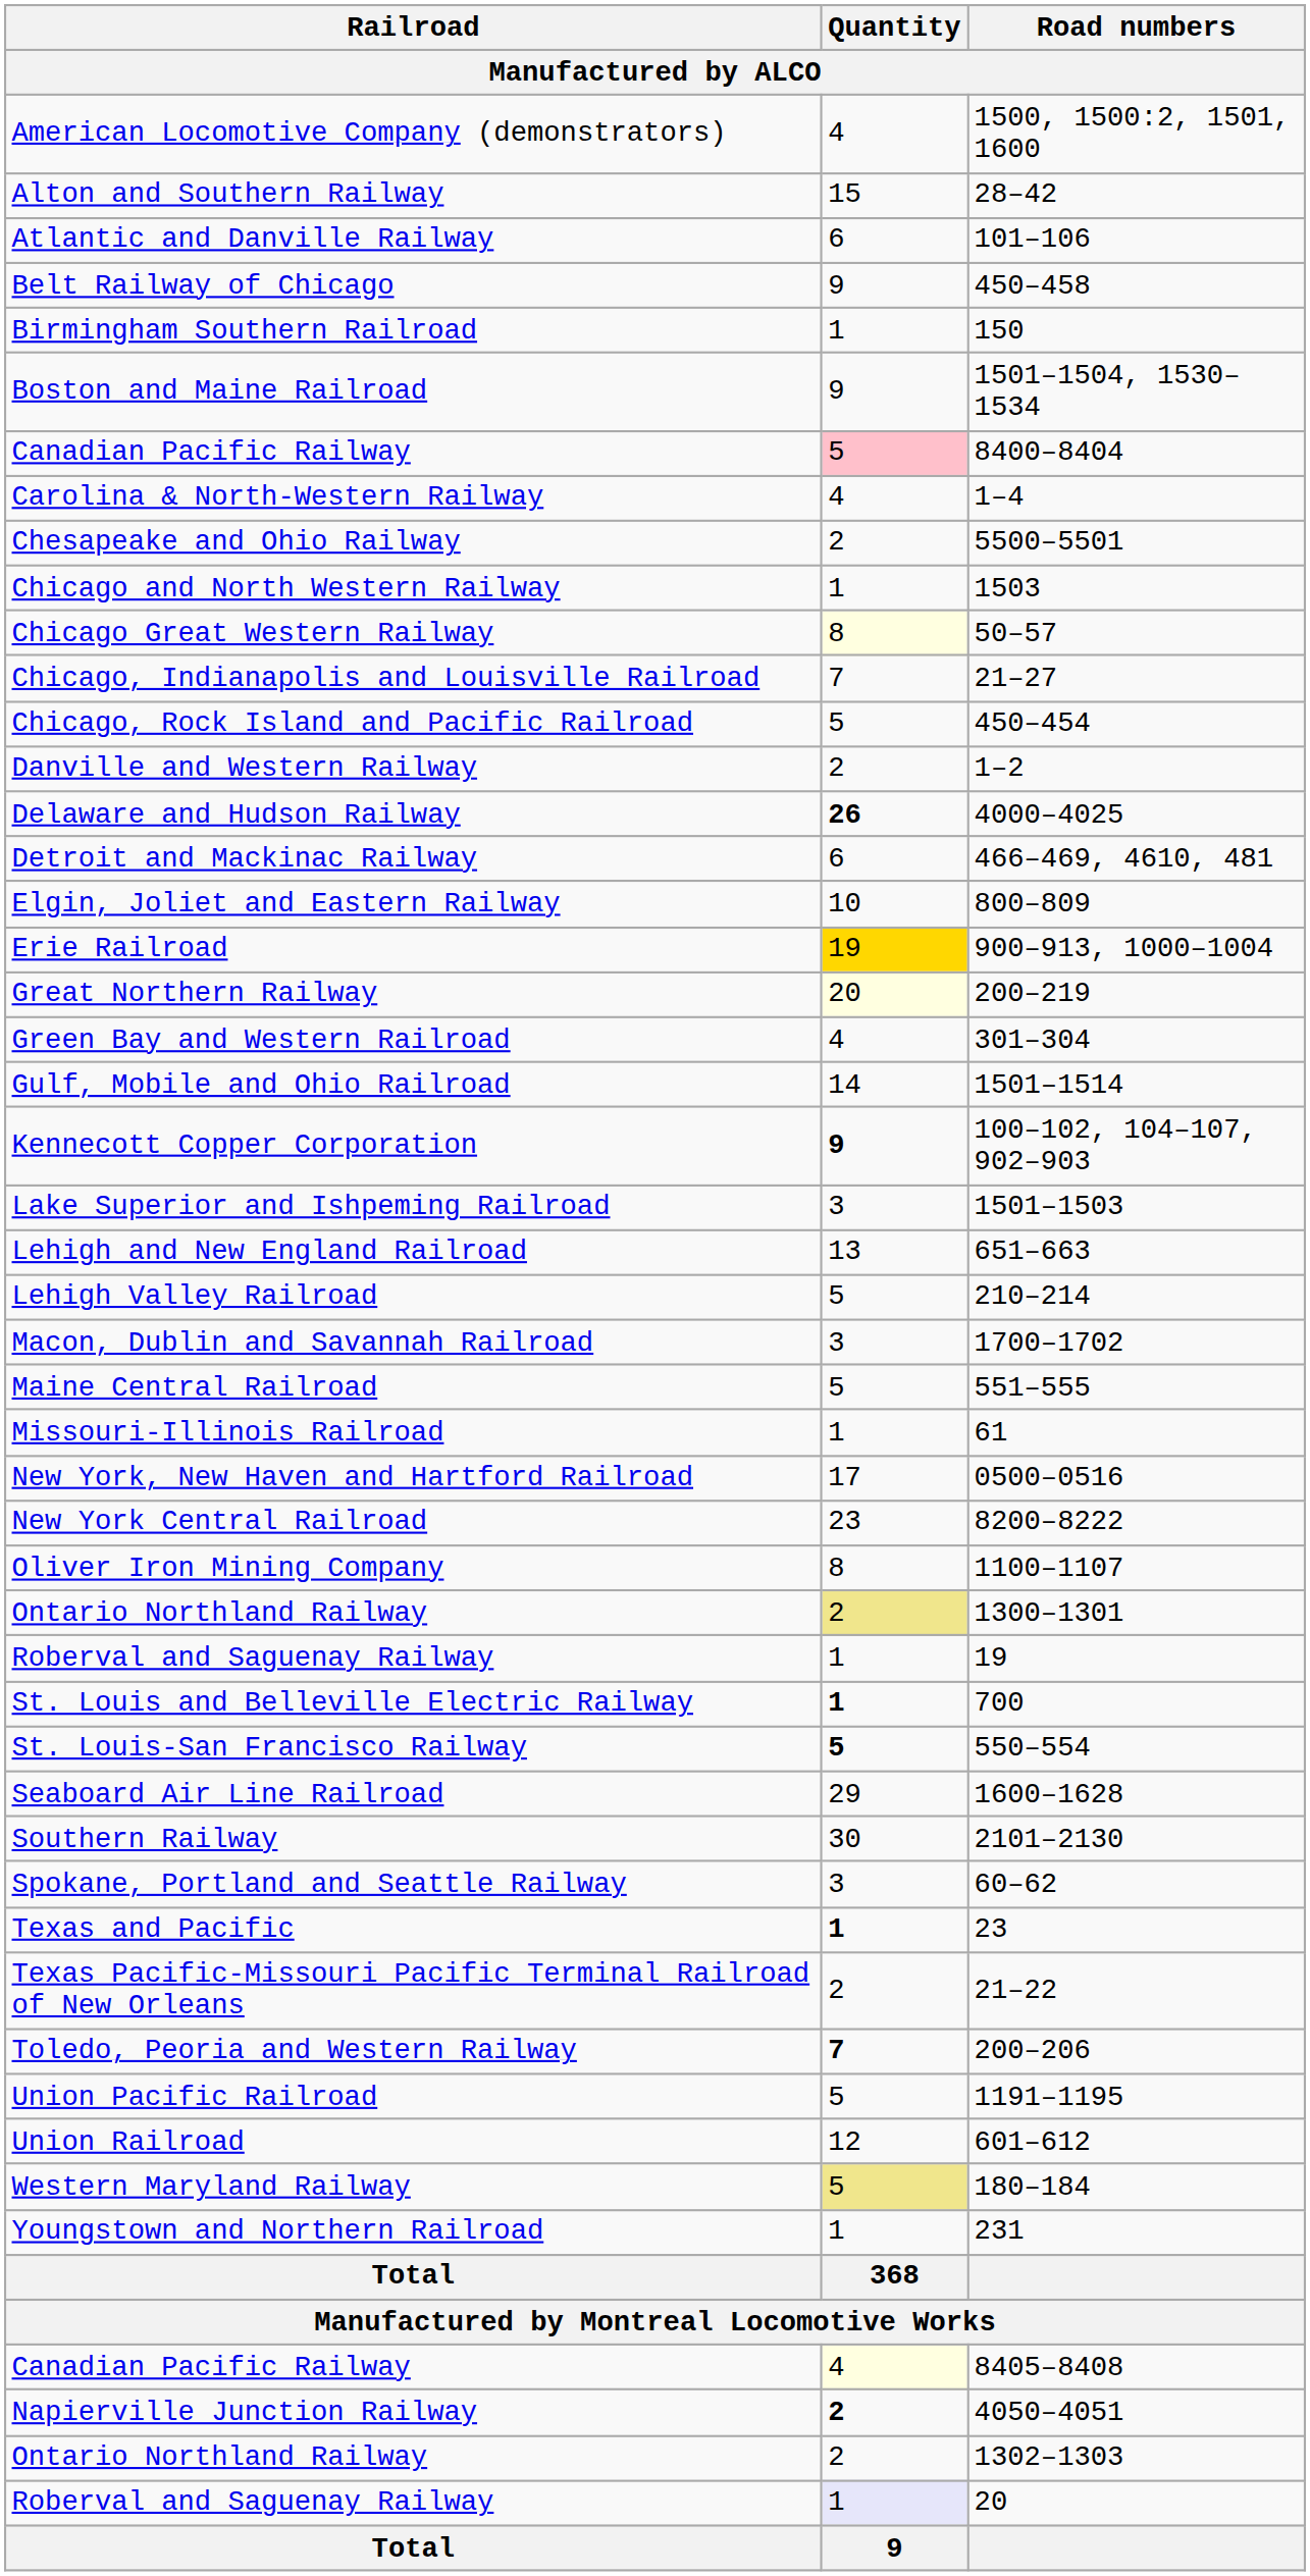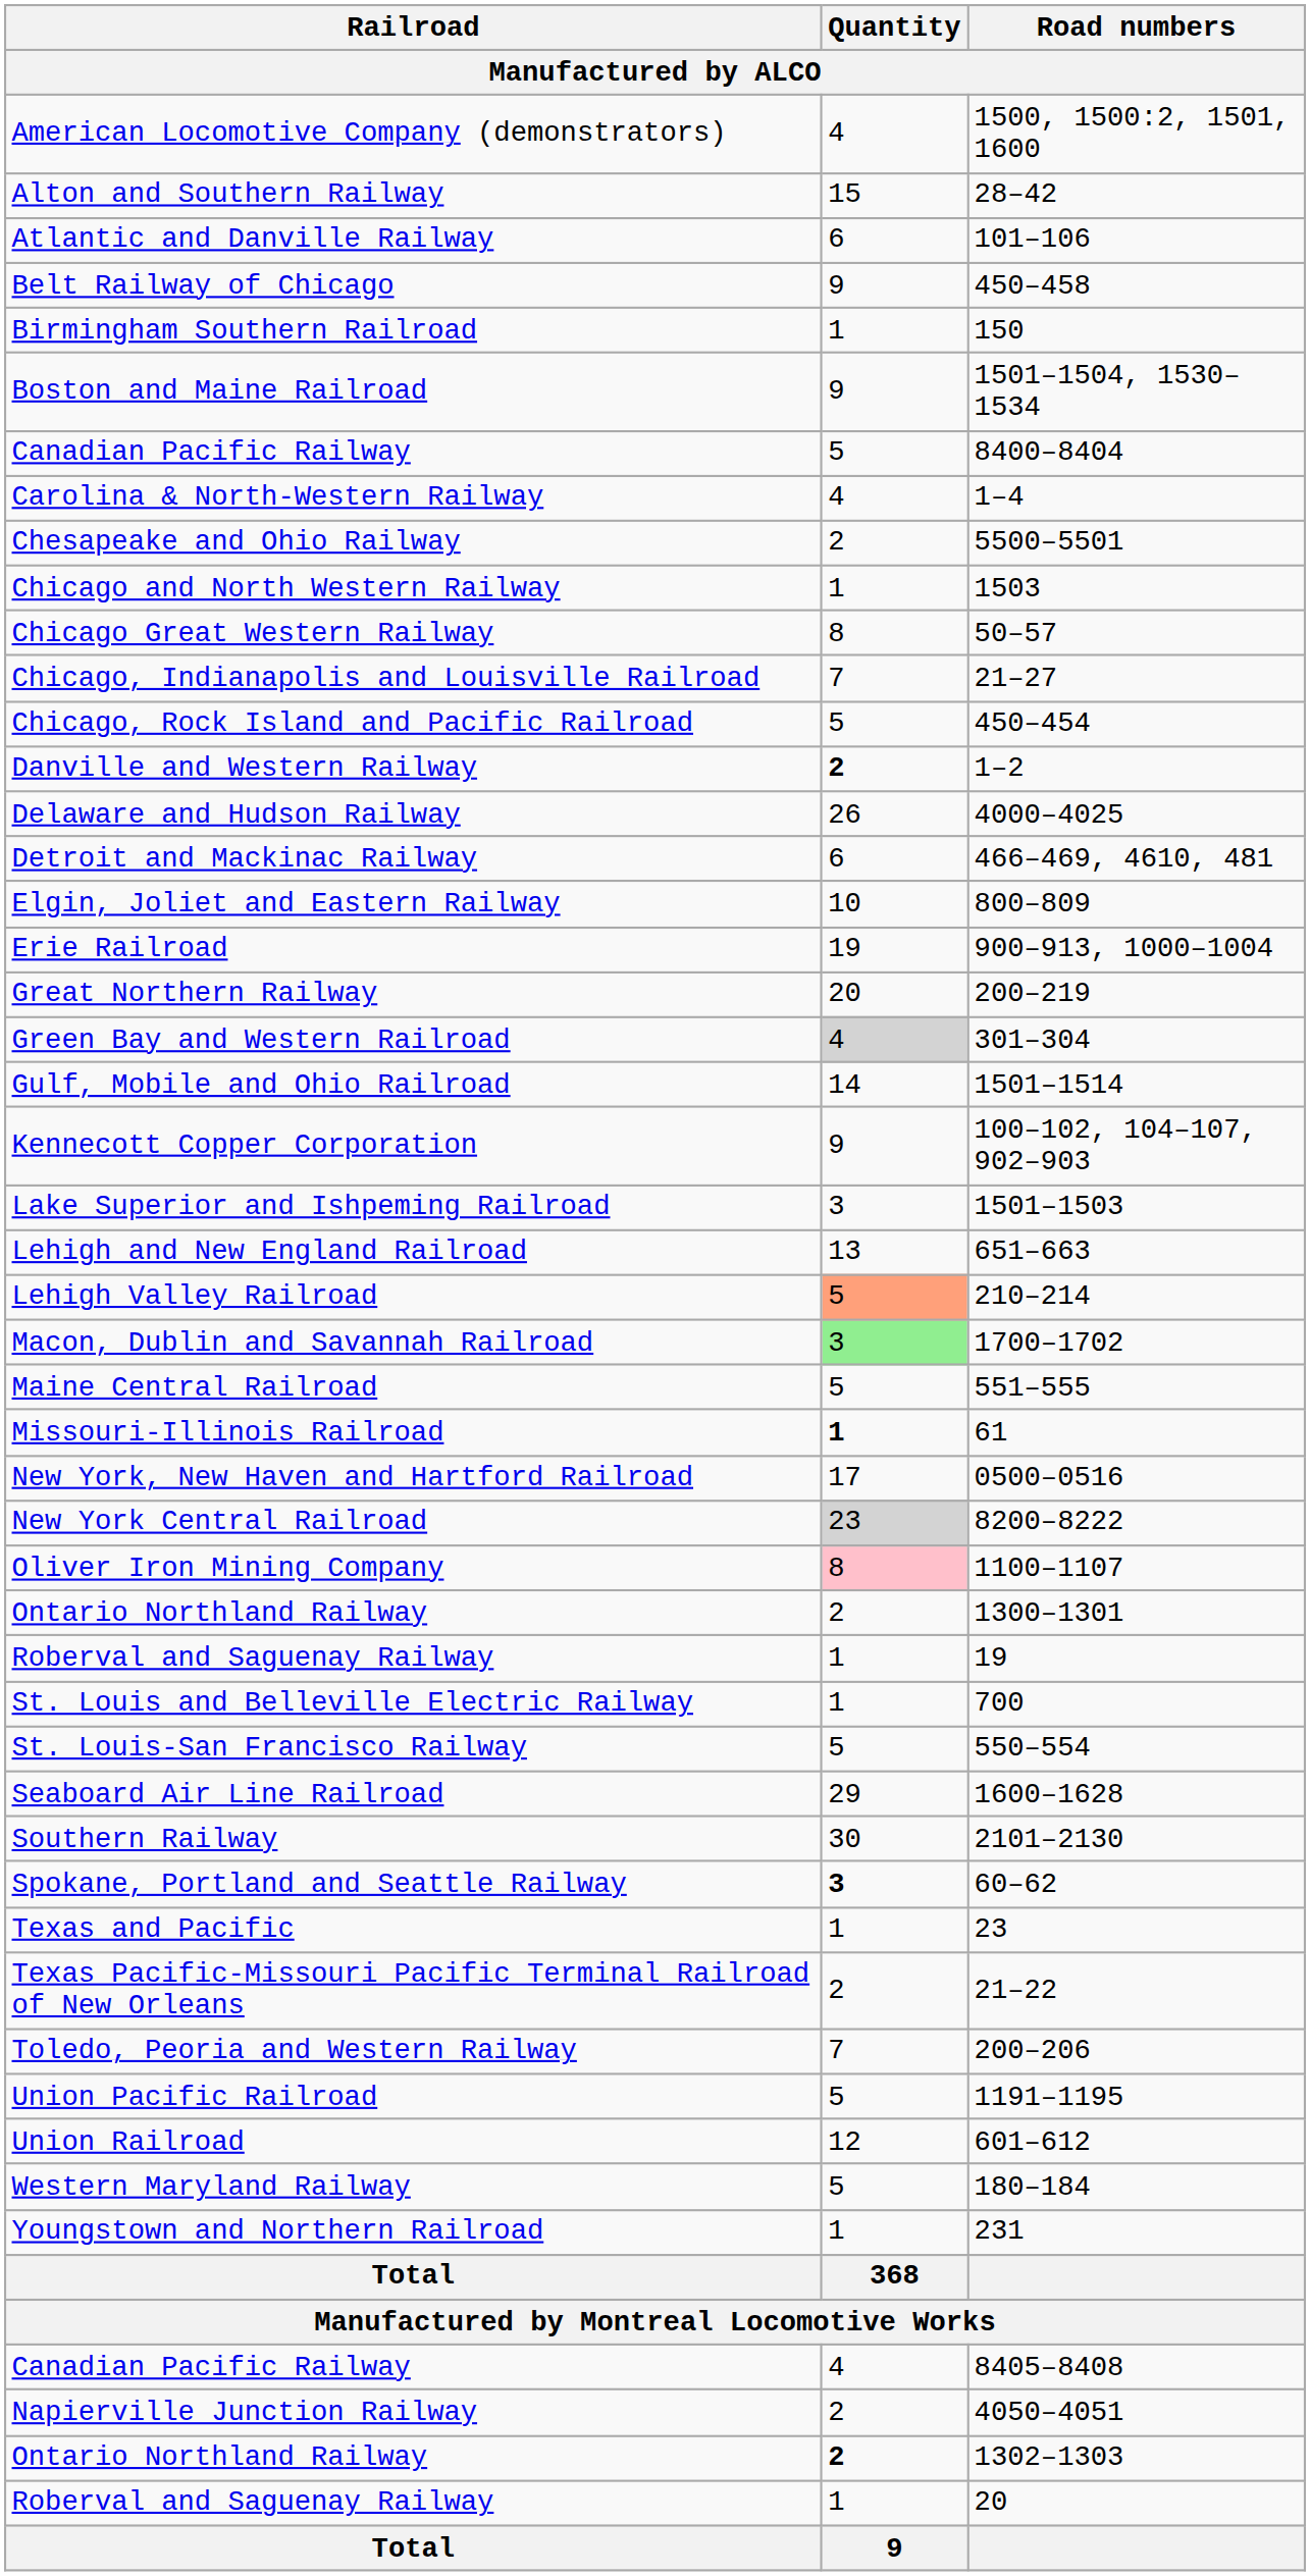 <table class="wikitable">
 <tr>
 <th>Railroad</th>
 <th>Quantity</th>
 <th>Road numbers</th>
 </tr>
 <tr>
 <th colspan="4">Manufactured by ALCO</th>
 </tr>
 <tr>
 <td><a href='#'>American Locomotive Company</a> (demonstrators)</td>
 <td>4</td>
 <td>1500, 1500:2, 1501, 1600</td>
 </tr>
 <tr>
 <td><a href='#'>Alton and Southern Railway</a></td>
 <td>15</td>
 <td>28–42</td>
 </tr>
 <tr>
 <td><a href='#'>Atlantic and Danville Railway</a></td>
 <td>6</td>
 <td>101–106</td>
 </tr>
 <tr>
 <td><a href='#'>Belt Railway of Chicago</a></td>
 <td>9</td>
 <td>450–458</td>
 </tr>
 <tr>
 <td><a href='#'>Birmingham Southern Railroad</a></td>
 <td>1</td>
 <td>150</td>
 </tr>
 <tr>
 <td><a href='#'>Boston and Maine Railroad</a></td>
 <td>9</td>
 <td>1501–1504, 1530–1534</td>
 </tr>
 <tr>
 <td><a href='#'>Canadian Pacific Railway</a></td>
-<td style="background: pink;">5</td>
+<td>5</td>
 <td>8400–8404</td>
 </tr>
 <tr>
 <td><a href='#'>Carolina & North-Western Railway</a></td>
 <td>4</td>
 <td>1–4</td>
 </tr>
 <tr>
 <td><a href='#'>Chesapeake and Ohio Railway</a></td>
 <td>2</td>
 <td>5500–5501</td>
 </tr>
 <tr>
 <td><a href='#'>Chicago and North Western Railway</a></td>
 <td>1</td>
 <td>1503</td>
 </tr>
 <tr>
 <td><a href='#'>Chicago Great Western Railway</a></td>
-<td style="background: lightyellow;">8</td>
+<td>8</td>
 <td>50–57</td>
 </tr>
 <tr>
 <td><a href='#'>Chicago, Indianapolis and Louisville Railroad</a></td>
 <td>7</td>
 <td>21–27</td>
 </tr>
 <tr>
 <td><a href='#'>Chicago, Rock Island and Pacific Railroad</a></td>
 <td>5</td>
 <td>450–454</td>
 </tr>
 <tr>
 <td><a href='#'>Danville and Western Railway</a></td>
-<td>2</td>
+<td><strong>2</strong></td>
 <td>1–2</td>
 </tr>
 <tr>
 <td><a href='#'>Delaware and Hudson Railway</a></td>
-<td><strong>26</strong></td>
+<td>26</td>
 <td>4000–4025</td>
 </tr>
 <tr>
 <td><a href='#'>Detroit and Mackinac Railway</a></td>
 <td>6</td>
 <td>466–469, 4610, 481</td>
 </tr>
 <tr>
 <td><a href='#'>Elgin, Joliet and Eastern Railway</a></td>
 <td>10</td>
 <td>800–809</td>
 </tr>
 <tr>
 <td><a href='#'>Erie Railroad</a></td>
-<td style="background: gold;">19</td>
+<td>19</td>
 <td>900–913, 1000–1004</td>
 </tr>
 <tr>
 <td><a href='#'>Great Northern Railway</a></td>
-<td style="background: lightyellow;">20</td>
+<td>20</td>
 <td>200–219</td>
 </tr>
 <tr>
 <td><a href='#'>Green Bay and Western Railroad</a></td>
-<td>4</td>
+<td style="background: lightgrey;">4</td>
 <td>301–304</td>
 </tr>
 <tr>
 <td><a href='#'>Gulf, Mobile and Ohio Railroad</a></td>
 <td>14</td>
 <td>1501–1514</td>
 </tr>
 <tr>
 <td><a href='#'>Kennecott Copper Corporation</a></td>
-<td><strong>9</strong></td>
+<td>9</td>
 <td>100–102, 104–107, 902–903</td>
 </tr>
 <tr>
 <td><a href='#'>Lake Superior and Ishpeming Railroad</a></td>
 <td>3</td>
 <td>1501–1503</td>
 </tr>
 <tr>
 <td><a href='#'>Lehigh and New England Railroad</a></td>
 <td>13</td>
 <td>651–663</td>
 </tr>
 <tr>
 <td><a href='#'>Lehigh Valley Railroad</a></td>
-<td>5</td>
+<td style="background: lightsalmon;">5</td>
 <td>210–214</td>
 </tr>
 <tr>
 <td><a href='#'>Macon, Dublin and Savannah Railroad</a></td>
-<td>3</td>
+<td style="background: lightgreen;">3</td>
 <td>1700–1702</td>
 </tr>
 <tr>
 <td><a href='#'>Maine Central Railroad</a></td>
 <td>5</td>
 <td>551–555</td>
 </tr>
 <tr>
 <td><a href='#'>Missouri-Illinois Railroad</a></td>
-<td>1</td>
+<td><strong>1</strong></td>
 <td>61</td>
 </tr>
 <tr>
 <td><a href='#'>New York, New Haven and Hartford Railroad</a></td>
 <td>17</td>
 <td>0500–0516</td>
 </tr>
 <tr>
 <td><a href='#'>New York Central Railroad</a></td>
-<td>23</td>
+<td style="background: lightgrey;">23</td>
 <td>8200–8222</td>
 </tr>
 <tr>
 <td><a href='#'>Oliver Iron Mining Company</a></td>
-<td>8</td>
+<td style="background: pink;">8</td>
 <td>1100–1107</td>
 </tr>
 <tr>
 <td><a href='#'>Ontario Northland Railway</a></td>
-<td style="background: khaki;">2</td>
+<td>2</td>
 <td>1300–1301</td>
 </tr>
 <tr>
 <td><a href='#'>Roberval and Saguenay Railway</a></td>
 <td>1</td>
 <td>19</td>
 </tr>
 <tr>
 <td><a href='#'>St. Louis and Belleville Electric Railway</a></td>
-<td><strong>1</strong></td>
+<td>1</td>
 <td>700</td>
 </tr>
 <tr>
 <td><a href='#'>St. Louis-San Francisco Railway</a></td>
-<td><strong>5</strong></td>
+<td>5</td>
 <td>550–554</td>
 </tr>
 <tr>
 <td><a href='#'>Seaboard Air Line Railroad</a></td>
 <td>29</td>
 <td>1600–1628</td>
 </tr>
 <tr>
 <td><a href='#'>Southern Railway</a></td>
 <td>30</td>
 <td>2101–2130</td>
 </tr>
 <tr>
 <td><a href='#'>Spokane, Portland and Seattle Railway</a></td>
-<td>3</td>
+<td><strong>3</strong></td>
 <td>60–62</td>
 </tr>
 <tr>
 <td><a href='#'>Texas and Pacific</a></td>
-<td><strong>1</strong></td>
+<td>1</td>
 <td>23</td>
 </tr>
 <tr>
 <td><a href='#'>Texas Pacific-Missouri Pacific Terminal Railroad of New Orleans</a></td>
 <td>2</td>
 <td>21–22</td>
 </tr>
 <tr>
 <td><a href='#'>Toledo, Peoria and Western Railway</a></td>
-<td><strong>7</strong></td>
+<td>7</td>
 <td>200–206</td>
 </tr>
 <tr>
 <td><a href='#'>Union Pacific Railroad</a></td>
 <td>5</td>
 <td>1191–1195</td>
 </tr>
 <tr>
 <td><a href='#'>Union Railroad</a></td>
 <td>12</td>
 <td>601–612</td>
 </tr>
 <tr>
 <td><a href='#'>Western Maryland Railway</a></td>
-<td style="background: khaki;">5</td>
+<td>5</td>
 <td>180–184</td>
 </tr>
 <tr>
 <td><a href='#'>Youngstown and Northern Railroad</a></td>
 <td>1</td>
 <td>231</td>
 </tr>
 <tr>
 <th>Total</th>
 <th>368</th>
 <th></th>
 </tr>
 <tr>
 <th colspan="3">Manufactured by Montreal Locomotive Works</th>
 </tr>
 <tr>
 <td><a href='#'>Canadian Pacific Railway</a></td>
-<td style="background: lightyellow;">4</td>
+<td>4</td>
 <td>8405–8408</td>
 </tr>
 <tr>
 <td><a href='#'>Napierville Junction Railway</a></td>
-<td><strong>2</strong></td>
+<td>2</td>
 <td>4050–4051</td>
 </tr>
 <tr>
 <td><a href='#'>Ontario Northland Railway</a></td>
-<td>2</td>
+<td><strong>2</strong></td>
 <td>1302–1303</td>
 </tr>
 <tr>
 <td><a href='#'>Roberval and Saguenay Railway</a></td>
-<td style="background: lavender;">1</td>
+<td>1</td>
 <td>20</td>
 </tr>
 <tr>
 <th>Total</th>
 <th>9</th>
 <th></th>
 </tr>
 </table>
